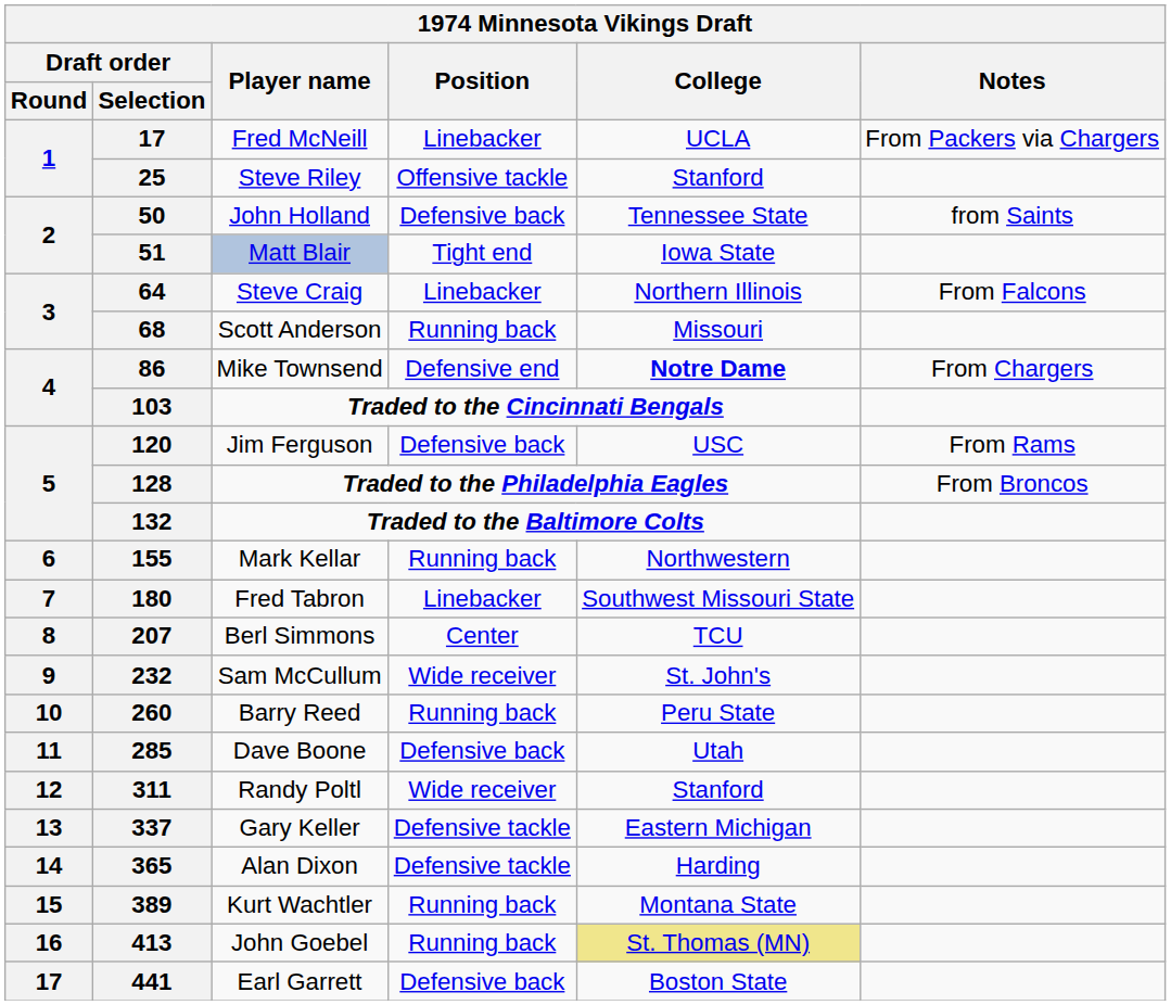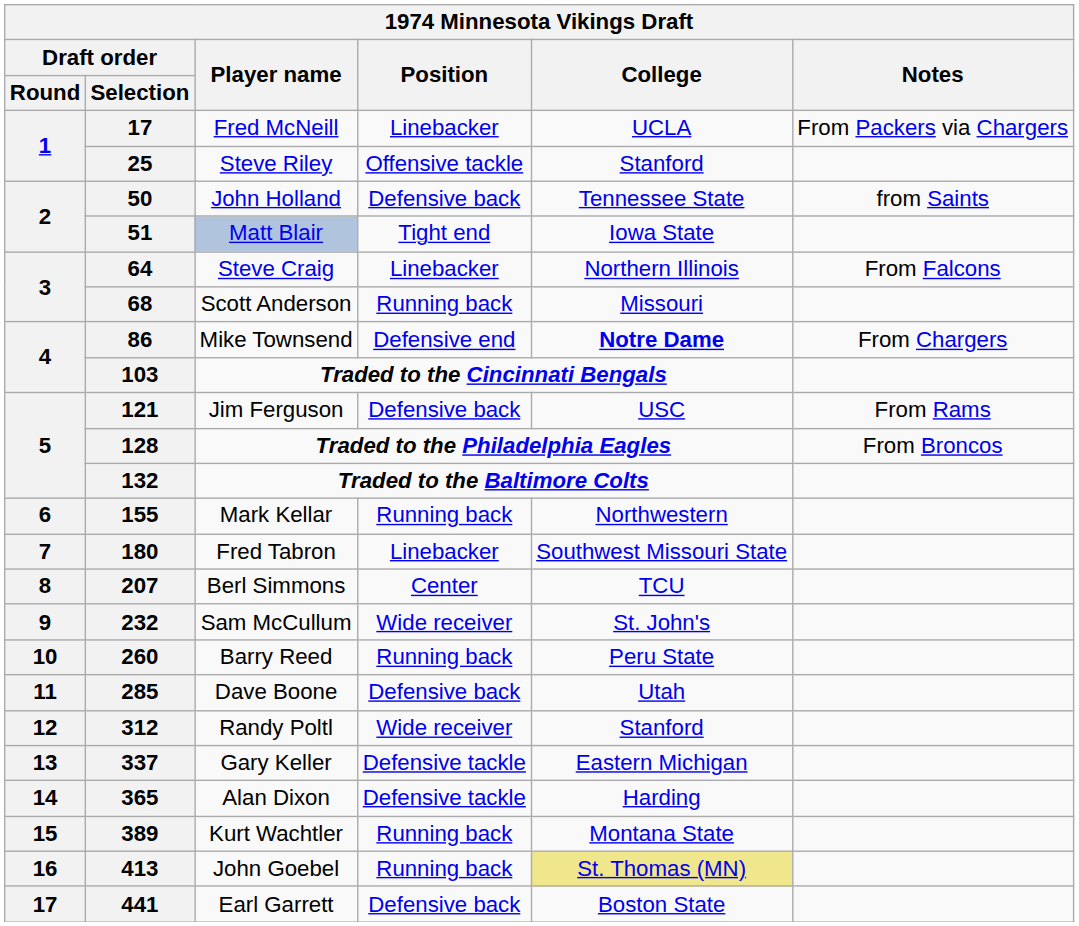 <table class="wikitable" style="text-align:center">
 <tr>
 <th colspan="6">1974 Minnesota Vikings Draft</th>
 </tr>
 <tr>
 <th colspan="2">Draft order</th>
 <th rowspan="2">Player name</th>
 <th rowspan="2">Position</th>
 <th rowspan="2">College</th>
 <th rowspan="2">Notes</th>
 </tr>
 <tr>
 <th>Round</th>
 <th>Selection</th>
 </tr>
 <tr>
 <th rowspan="2"><a href='#'>1</a></th>
 <th>17</th>
 <td><a href='#'>Fred McNeill</a></td>
 <td><a href='#'>Linebacker</a></td>
 <td><a href='#'>UCLA</a></td>
 <td>From <a href='#'>Packers</a> via <a href='#'>Chargers</a></td>
 </tr>
 <tr>
 <th>25</th>
 <td><a href='#'>Steve Riley</a></td>
 <td><a href='#'>Offensive tackle</a></td>
 <td><a href='#'>Stanford</a></td>
 <td></td>
 </tr>
 <tr>
 <th rowspan="2">2</th>
 <th>50</th>
 <td><a href='#'>John Holland</a></td>
 <td><a href='#'>Defensive back</a></td>
 <td><a href='#'>Tennessee State</a></td>
 <td>from <a href='#'>Saints</a></td>
 </tr>
 <tr>
 <th>51</th>
 <td bgcolor=lightsteelblue><a href='#'>Matt Blair</a></td>
 <td><a href='#'>Tight end</a></td>
 <td><a href='#'>Iowa State</a></td>
 <td></td>
 </tr>
 <tr>
 <th rowspan="2">3</th>
 <th>64</th>
 <td><a href='#'>Steve Craig</a></td>
 <td><a href='#'>Linebacker</a></td>
 <td><a href='#'>Northern Illinois</a></td>
 <td>From <a href='#'>Falcons</a></td>
 </tr>
 <tr>
 <th>68</th>
 <td>Scott Anderson</td>
 <td><a href='#'>Running back</a></td>
 <td><a href='#'>Missouri</a></td>
 <td></td>
 </tr>
 <tr>
 <th rowspan="2">4</th>
 <th>86</th>
 <td>Mike Townsend</td>
 <td><a href='#'>Defensive end</a></td>
 <td><strong><a href='#'>Notre Dame</a></strong></td>
 <td>From <a href='#'>Chargers</a></td>
 </tr>
 <tr>
 <th>103</th>
 <td colspan="3"><strong><em>Traded to the <a href='#'>Cincinnati Bengals</a></em></strong></td>
 <td></td>
 </tr>
 <tr>
 <th rowspan="3">5</th>
-<th>120</th>
+<th>121</th>
 <td>Jim Ferguson</td>
 <td><a href='#'>Defensive back</a></td>
 <td><a href='#'>USC</a></td>
 <td>From <a href='#'>Rams</a></td>
 </tr>
 <tr>
 <th>128</th>
 <td colspan="3"><strong><em>Traded to the <a href='#'>Philadelphia Eagles</a></em></strong></td>
 <td>From <a href='#'>Broncos</a></td>
 </tr>
 <tr>
 <th>132</th>
 <td colspan="3"><strong><em>Traded to the <a href='#'>Baltimore Colts</a></em></strong></td>
 <td></td>
 </tr>
 <tr>
 <th>6</th>
 <th>155</th>
 <td>Mark Kellar</td>
 <td><a href='#'>Running back</a></td>
 <td><a href='#'>Northwestern</a></td>
 <td></td>
 </tr>
 <tr>
 <th>7</th>
 <th>180</th>
 <td>Fred Tabron</td>
 <td><a href='#'>Linebacker</a></td>
 <td><a href='#'>Southwest Missouri State</a></td>
 <td></td>
 </tr>
 <tr>
 <th>8</th>
 <th>207</th>
 <td>Berl Simmons</td>
 <td><a href='#'>Center</a></td>
 <td><a href='#'>TCU</a></td>
 <td></td>
 </tr>
 <tr>
 <th>9</th>
 <th>232</th>
 <td>Sam McCullum</td>
 <td><a href='#'>Wide receiver</a></td>
 <td><a href='#'>St. John's</a></td>
 <td></td>
 </tr>
 <tr>
 <th>10</th>
 <th>260</th>
 <td>Barry Reed</td>
 <td><a href='#'>Running back</a></td>
 <td><a href='#'>Peru State</a></td>
 <td></td>
 </tr>
 <tr>
 <th>11</th>
 <th>285</th>
 <td>Dave Boone</td>
 <td><a href='#'>Defensive back</a></td>
 <td><a href='#'>Utah</a></td>
 <td></td>
 </tr>
 <tr>
 <th>12</th>
-<th>311</th>
+<th>312</th>
 <td>Randy Poltl</td>
 <td><a href='#'>Wide receiver</a></td>
 <td><a href='#'>Stanford</a></td>
 <td></td>
 </tr>
 <tr>
 <th>13</th>
 <th>337</th>
 <td>Gary Keller</td>
 <td><a href='#'>Defensive tackle</a></td>
 <td><a href='#'>Eastern Michigan</a></td>
 <td></td>
 </tr>
 <tr>
 <th>14</th>
 <th>365</th>
 <td>Alan Dixon</td>
 <td><a href='#'>Defensive tackle</a></td>
 <td><a href='#'>Harding</a></td>
 <td></td>
 </tr>
 <tr>
 <th>15</th>
 <th>389</th>
 <td>Kurt Wachtler</td>
 <td><a href='#'>Running back</a></td>
 <td><a href='#'>Montana State</a></td>
 <td></td>
 </tr>
 <tr>
 <th>16</th>
 <th>413</th>
 <td>John Goebel</td>
 <td><a href='#'>Running back</a></td>
 <td style="background: khaki;"><a href='#'>St. Thomas (MN)</a></td>
 <td></td>
 </tr>
 <tr>
 <th>17</th>
 <th>441</th>
 <td>Earl Garrett</td>
 <td><a href='#'>Defensive back</a></td>
 <td><a href='#'>Boston State</a></td>
 <td></td>
 </tr>
 </table>
